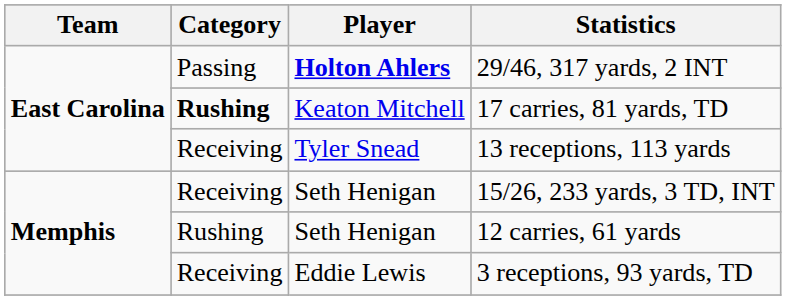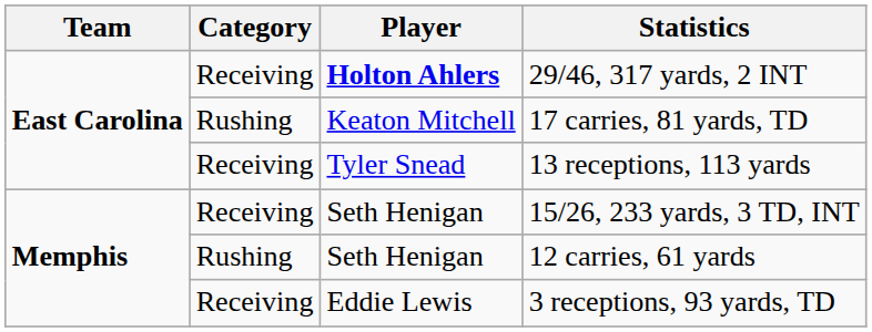 <table class="wikitable" style="float: left;">
 <tr>
 <th>Team</th>
 <th>Category</th>
 <th>Player</th>
 <th>Statistics</th>
 </tr>
 <tr>
 <td rowspan=3><strong>East Carolina</strong></td>
-<td>Passing</td>
+<td>Receiving</td>
 <td><strong><a href='#'>Holton Ahlers</a></strong></td>
 <td>29/46, 317 yards, 2 INT</td>
 </tr>
 <tr>
-<td><strong>Rushing</strong></td>
+<td>Rushing</td>
 <td><a href='#'>Keaton Mitchell</a></td>
 <td>17 carries, 81 yards, TD</td>
 </tr>
 <tr>
 <td>Receiving</td>
 <td><a href='#'>Tyler Snead</a></td>
 <td>13 receptions, 113 yards</td>
 </tr>
 <tr>
 <td rowspan=3><strong>Memphis</strong></td>
 <td>Receiving</td>
 <td>Seth Henigan</td>
 <td>15/26, 233 yards, 3 TD, INT</td>
 </tr>
 <tr>
 <td>Rushing</td>
 <td>Seth Henigan</td>
 <td>12 carries, 61 yards</td>
 </tr>
 <tr>
 <td>Receiving</td>
 <td>Eddie Lewis</td>
 <td>3 receptions, 93 yards, TD</td>
 </tr>
 </table>
